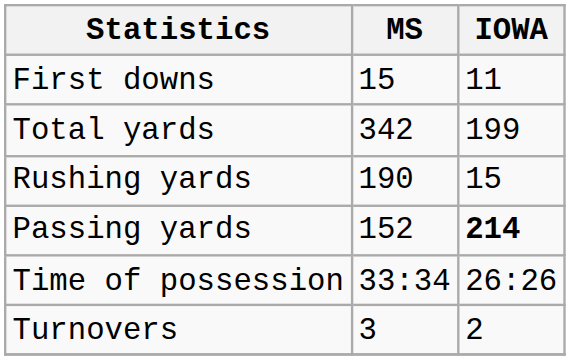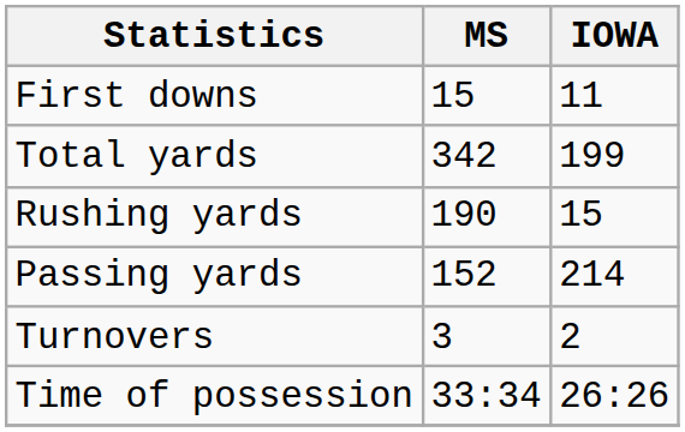 <table class="wikitable">
 <tr>
 <th>Statistics</th>
 <th>MS</th>
 <th>IOWA</th>
 </tr>
 <tr>
 <td>First downs</td>
 <td>15</td>
 <td>11</td>
 </tr>
 <tr>
 <td>Total yards</td>
 <td>342</td>
 <td>199</td>
 </tr>
 <tr>
 <td>Rushing yards</td>
 <td>190</td>
 <td>15</td>
 </tr>
 <tr>
 <td>Passing yards</td>
 <td>152</td>
-<td><strong>214</strong></td>
+<td>214</td>
+</tr>
+<tr>
+<td>Turnovers</td>
+<td>3</td>
+<td>2</td>
 </tr>
 <tr>
 <td>Time of possession</td>
 <td>33:34</td>
 <td>26:26</td>
 </tr>
 <tr>
-<td>Turnovers</td>
-<td>3</td>
-<td>2</td>
-</tr>
-<tr>
 </tr>
 </table>
